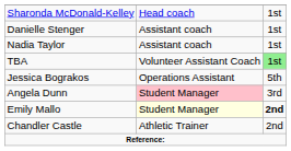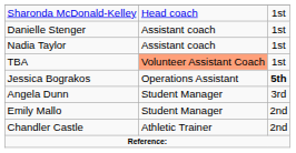 <table class="wikitable" style="font-size:93%;">
 <tr>
 </tr>
 <tr>
 <td><a href='#'>Sharonda McDonald-Kelley</a></td>
 <td><a href='#'>Head coach</a></td>
 <td align=center>1st</td>
 </tr>
 <tr>
 <td>Danielle Stenger</td>
 <td>Assistant coach</td>
 <td align=center>1st</td>
 </tr>
 <tr>
 <td>Nadia Taylor</td>
 <td>Assistant coach</td>
 <td align=center>1st</td>
 </tr>
 <tr>
 <td>TBA</td>
-<td>Volunteer Assistant Coach</td>
-<td align=center style="background: lightgreen;">1st</td>
+<td style="background: lightsalmon;">Volunteer Assistant Coach</td>
+<td align=center>1st</td>
 </tr>
 <tr>
 <td>Jessica Bograkos</td>
 <td>Operations Assistant</td>
-<td align=center>5th</td>
+<td align=center><strong>5th</strong></td>
 </tr>
 <tr>
 <td>Angela Dunn</td>
-<td style="background: pink;">Student Manager</td>
+<td>Student Manager</td>
 <td align="center">3rd</td>
 </tr>
 <tr>
 <td>Emily Mallo</td>
-<td style="background: lightyellow;">Student Manager</td>
-<td align=center><strong>2nd</strong></td>
+<td>Student Manager</td>
+<td align=center>2nd</td>
 </tr>
 <tr>
 <td>Chandler Castle</td>
 <td>Athletic Trainer</td>
 <td align="center">2nd</td>
 </tr>
 <tr>
 <td colspan="4"  style="font-size:8pt; text-align:center;"><strong>Reference:</strong></td>
 </tr>
 </table>
